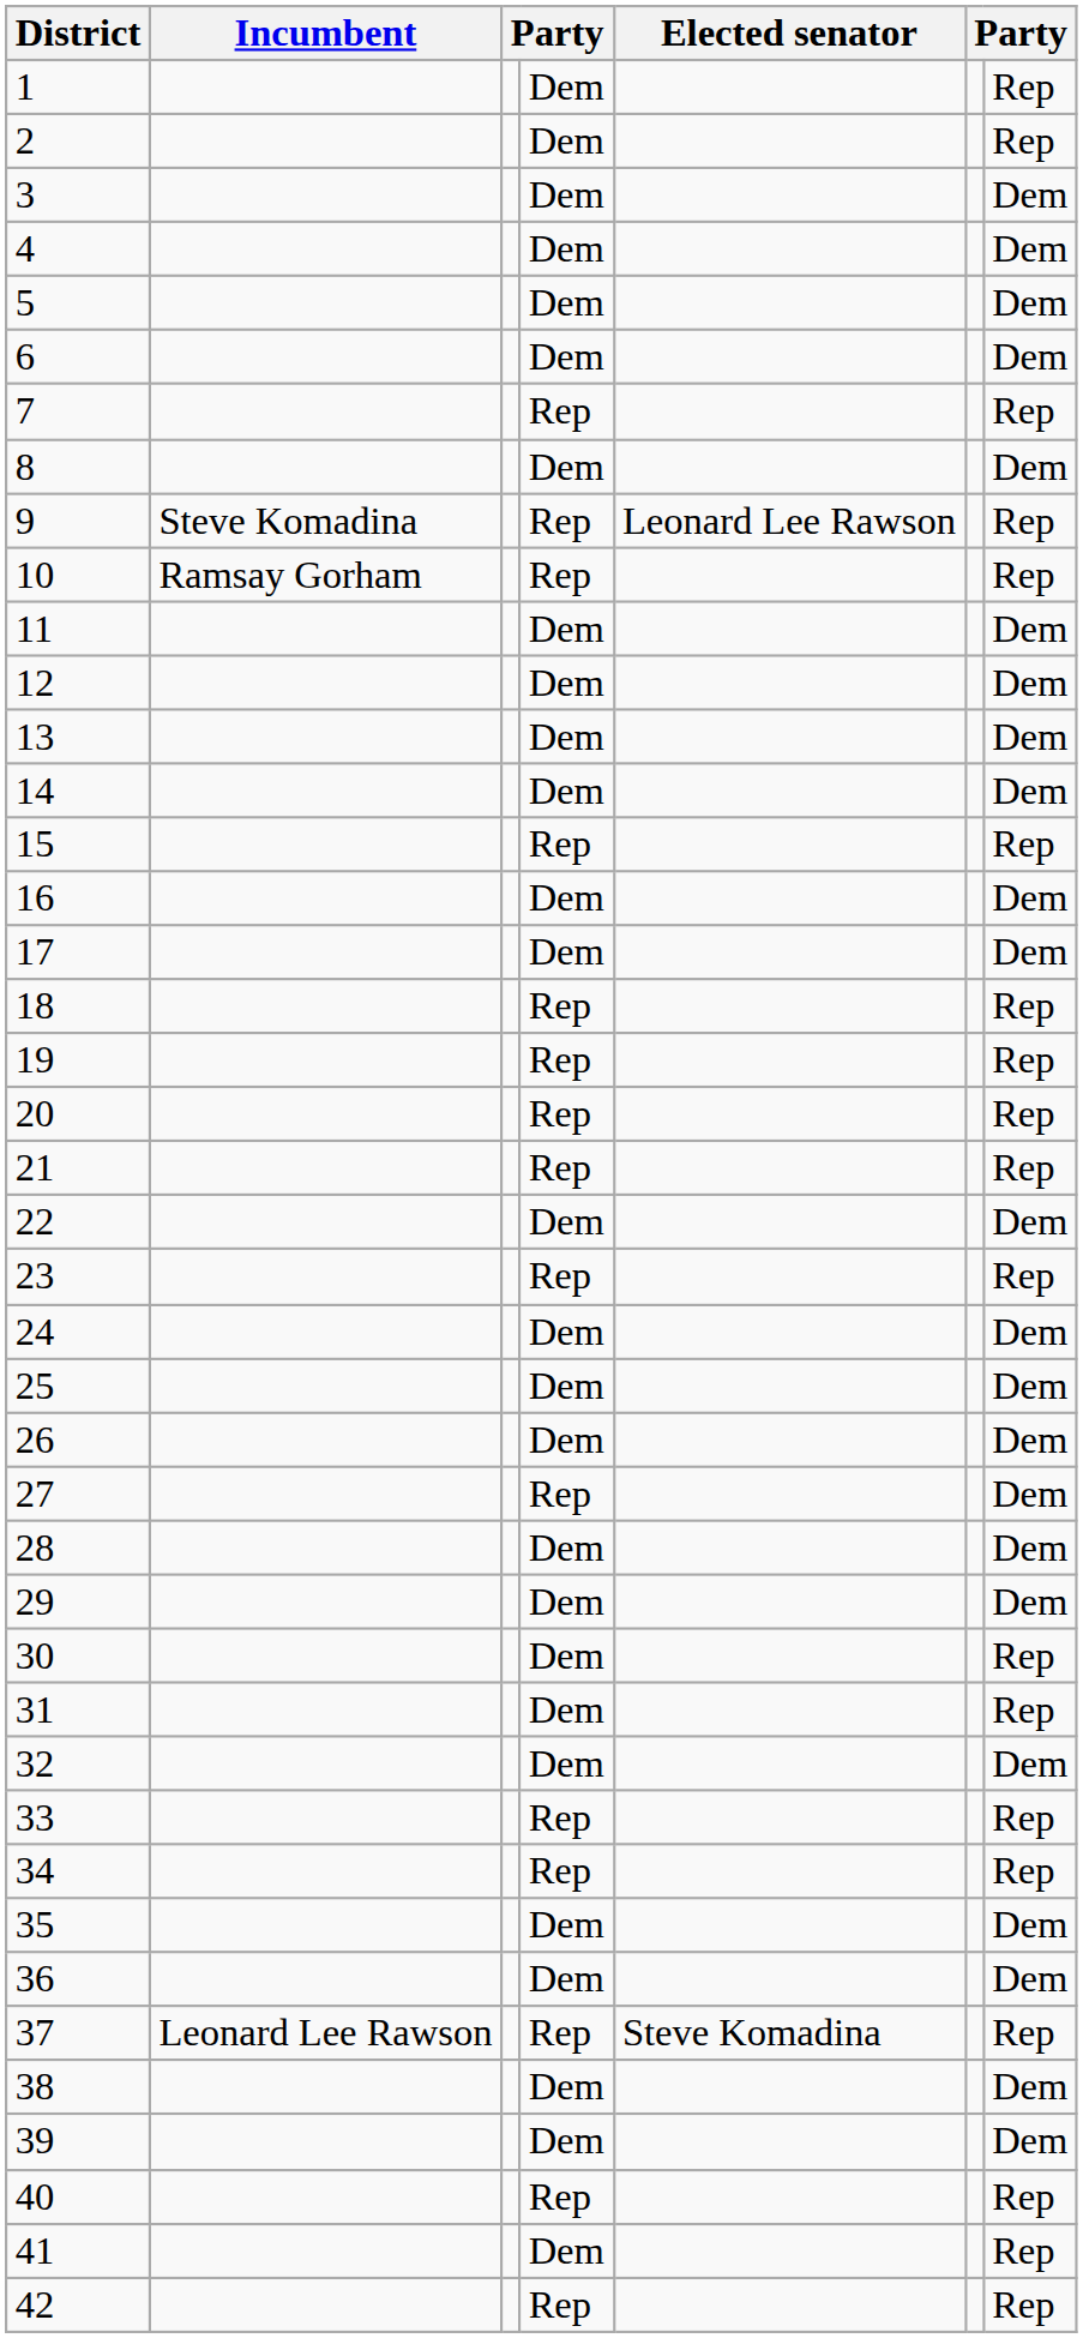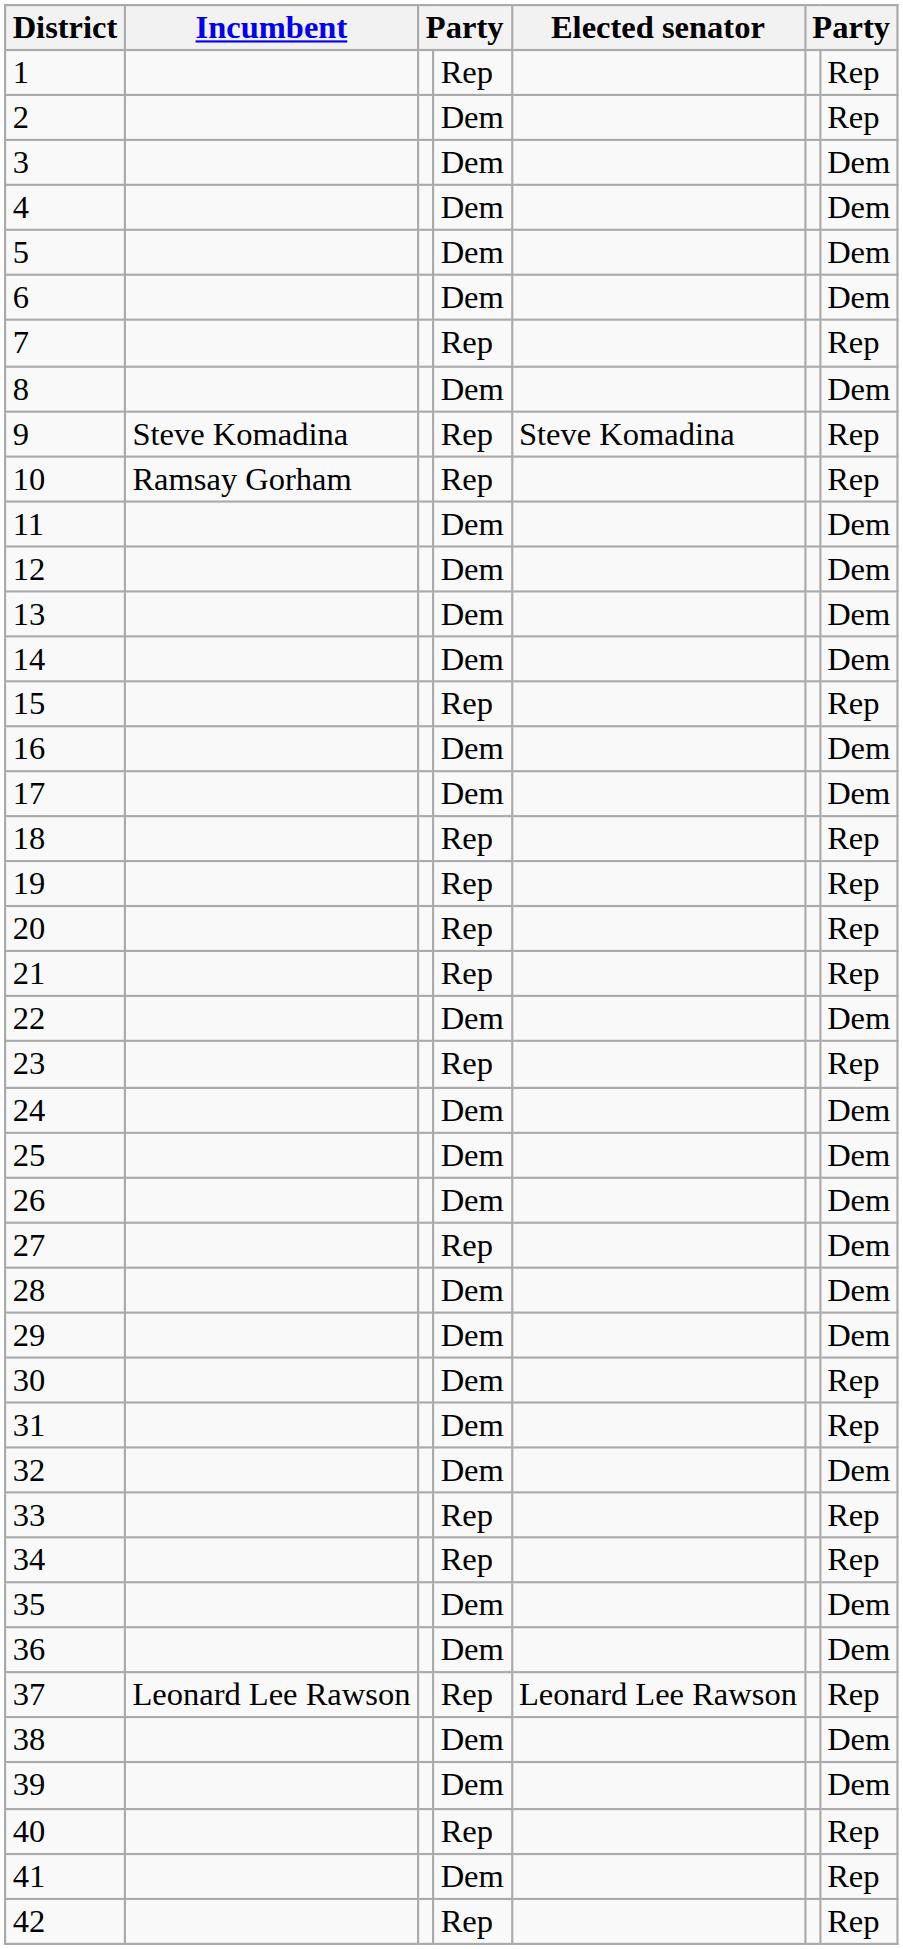 <table class="wikitable sortable" style="font-size:95%;line-height:14px;">
 <tr>
 <th>District</th>
 <th><a href='#'>Incumbent</a></th>
 <th colspan=2>Party</th>
 <th>Elected senator</th>
 <th colspan=2>Party</th>
 </tr>
 <tr>
 <td>1</td>
 <td></td>
 <td style="background:"></td>
-<td>Dem</td>
+<td>Rep</td>
 <td></td>
 <td style="background:"></td>
 <td>Rep</td>
 </tr>
 <tr>
 <td>2</td>
 <td></td>
 <td style="background:"></td>
 <td>Dem</td>
 <td><em></em></td>
 <td style="background:"></td>
 <td>Rep</td>
 </tr>
 <tr>
 <td>3</td>
 <td></td>
 <td style="background:"></td>
 <td>Dem</td>
 <td></td>
 <td style="background:"></td>
 <td>Dem</td>
 </tr>
 <tr>
 <td>4</td>
 <td></td>
 <td style="background:"></td>
 <td>Dem</td>
 <td></td>
 <td style="background:"></td>
 <td>Dem</td>
 </tr>
 <tr>
 <td>5</td>
 <td></td>
 <td style="background:"></td>
 <td>Dem</td>
 <td></td>
 <td style="background:"></td>
 <td>Dem</td>
 </tr>
 <tr>
 <td>6</td>
 <td></td>
 <td style="background:"></td>
 <td>Dem</td>
 <td></td>
 <td style="background:"></td>
 <td>Dem</td>
 </tr>
 <tr>
 <td>7</td>
 <td></td>
 <td style="background:"></td>
 <td>Rep</td>
 <td></td>
 <td style="background:"></td>
 <td>Rep</td>
 </tr>
 <tr>
 <td>8</td>
 <td></td>
 <td style="background:"></td>
 <td>Dem</td>
 <td></td>
 <td style="background:"></td>
 <td>Dem</td>
 </tr>
 <tr>
 <td>9</td>
 <td>Steve Komadina</td>
 <td style="background:"></td>
 <td>Rep</td>
-<td>Leonard Lee Rawson</td>
+<td>Steve Komadina</td>
 <td style="background:"></td>
 <td>Rep</td>
 </tr>
 <tr>
 <td>10</td>
 <td>Ramsay Gorham</td>
 <td style="background:"></td>
 <td>Rep</td>
 <td><em></em></td>
 <td style="background:"></td>
 <td>Rep</td>
 </tr>
 <tr>
 <td>11</td>
 <td></td>
 <td style="background:"></td>
 <td>Dem</td>
 <td></td>
 <td style="background:"></td>
 <td>Dem</td>
 </tr>
 <tr>
 <td>12</td>
 <td></td>
 <td style="background:"></td>
 <td>Dem</td>
 <td><em></em></td>
 <td style="background:"></td>
 <td>Dem</td>
 </tr>
 <tr>
 <td>13</td>
 <td></td>
 <td style="background:"></td>
 <td>Dem</td>
 <td></td>
 <td style="background:"></td>
 <td>Dem</td>
 </tr>
 <tr>
 <td>14</td>
 <td></td>
 <td style="background:"></td>
 <td>Dem</td>
 <td><em></em></td>
 <td style="background:"></td>
 <td>Dem</td>
 </tr>
 <tr>
 <td>15</td>
 <td></td>
 <td style="background:"></td>
 <td>Rep</td>
 <td></td>
 <td style="background:"></td>
 <td>Rep</td>
 </tr>
 <tr>
 <td>16</td>
 <td></td>
 <td style="background:"></td>
 <td>Dem</td>
 <td></td>
 <td style="background:"></td>
 <td>Dem</td>
 </tr>
 <tr>
 <td>17</td>
 <td></td>
 <td style="background:"></td>
 <td>Dem</td>
 <td></td>
 <td style="background:"></td>
 <td>Dem</td>
 </tr>
 <tr>
 <td>18</td>
 <td></td>
 <td style="background:"></td>
 <td>Rep</td>
 <td></td>
 <td style="background:"></td>
 <td>Rep</td>
 </tr>
 <tr>
 <td>19</td>
 <td></td>
 <td style="background:"></td>
 <td>Rep</td>
 <td></td>
 <td style="background:"></td>
 <td>Rep</td>
 </tr>
 <tr>
 <td>20</td>
 <td></td>
 <td style="background:"></td>
 <td>Rep</td>
 <td></td>
 <td style="background:"></td>
 <td>Rep</td>
 </tr>
 <tr>
 <td>21</td>
 <td></td>
 <td style="background:"></td>
 <td>Rep</td>
 <td></td>
 <td style="background:"></td>
 <td>Rep</td>
 </tr>
 <tr>
 <td>22</td>
 <td></td>
 <td style="background:"></td>
 <td>Dem</td>
 <td></td>
 <td style="background:"></td>
 <td>Dem</td>
 </tr>
 <tr>
 <td>23</td>
 <td></td>
 <td style="background:"></td>
 <td>Rep</td>
 <td></td>
 <td style="background:"></td>
 <td>Rep</td>
 </tr>
 <tr>
 <td>24</td>
 <td></td>
 <td style="background:"></td>
 <td>Dem</td>
 <td></td>
 <td style="background:"></td>
 <td>Dem</td>
 </tr>
 <tr>
 <td>25</td>
 <td></td>
 <td style="background:"></td>
 <td>Dem</td>
 <td><em></em></td>
 <td style="background:"></td>
 <td>Dem</td>
 </tr>
 <tr>
 <td>26</td>
 <td></td>
 <td style="background:"></td>
 <td>Dem</td>
 <td></td>
 <td style="background:"></td>
 <td>Dem</td>
 </tr>
 <tr>
 <td>27</td>
 <td></td>
 <td style="background:"></td>
 <td>Rep</td>
 <td></td>
 <td style="background:"></td>
 <td>Dem</td>
 </tr>
 <tr>
 <td>28</td>
 <td></td>
 <td style="background:"></td>
 <td>Dem</td>
 <td></td>
 <td style="background:"></td>
 <td>Dem</td>
 </tr>
 <tr>
 <td>29</td>
 <td></td>
 <td style="background:"></td>
 <td>Dem</td>
 <td></td>
 <td style="background:"></td>
 <td>Dem</td>
 </tr>
 <tr>
 <td>30</td>
 <td></td>
 <td style="background:"></td>
 <td>Dem</td>
 <td></td>
 <td style="background:"></td>
 <td>Rep</td>
 </tr>
 <tr>
 <td>31</td>
 <td></td>
 <td style="background:"></td>
 <td>Dem</td>
 <td></td>
 <td style="background:"></td>
 <td>Rep</td>
 </tr>
 <tr>
 <td>32</td>
 <td></td>
 <td style="background:"></td>
 <td>Dem</td>
 <td></td>
 <td style="background:"></td>
 <td>Dem</td>
 </tr>
 <tr>
 <td>33</td>
 <td></td>
 <td style="background:"></td>
 <td>Rep</td>
 <td></td>
 <td style="background:"></td>
 <td>Rep</td>
 </tr>
 <tr>
 <td>34</td>
 <td></td>
 <td style="background:"></td>
 <td>Rep</td>
 <td><em></em></td>
 <td style="background:"></td>
 <td>Rep</td>
 </tr>
 <tr>
 <td>35</td>
 <td></td>
 <td style="background:"></td>
 <td>Dem</td>
 <td></td>
 <td style="background:"></td>
 <td>Dem</td>
 </tr>
 <tr>
 <td>36</td>
 <td></td>
 <td style="background:"></td>
 <td>Dem</td>
 <td></td>
 <td style="background:"></td>
 <td>Dem</td>
 </tr>
 <tr>
 <td>37</td>
 <td>Leonard Lee Rawson</td>
 <td style="background:"></td>
 <td>Rep</td>
-<td>Steve Komadina</td>
+<td>Leonard Lee Rawson</td>
 <td style="background:"></td>
 <td>Rep</td>
 </tr>
 <tr>
 <td>38</td>
 <td></td>
 <td style="background:"></td>
 <td>Dem</td>
 <td></td>
 <td style="background:"></td>
 <td>Dem</td>
 </tr>
 <tr>
 <td>39</td>
 <td></td>
 <td style="background:"></td>
 <td>Dem</td>
 <td></td>
 <td style="background:"></td>
 <td>Dem</td>
 </tr>
 <tr>
 <td>40</td>
 <td></td>
 <td style="background:"></td>
 <td>Rep</td>
 <td></td>
 <td style="background:"></td>
 <td>Rep</td>
 </tr>
 <tr>
 <td>41</td>
 <td></td>
 <td style="background:"></td>
 <td>Dem</td>
 <td></td>
 <td style="background:"></td>
 <td>Rep</td>
 </tr>
 <tr>
 <td>42</td>
 <td></td>
 <td style="background:"></td>
 <td>Rep</td>
 <td></td>
 <td style="background:"></td>
 <td>Rep</td>
 </tr>
 </table>
